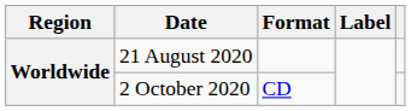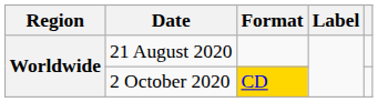 <table class="wikitable plainrowheaders">
 <tr>
 <th>Region</th>
 <th>Date</th>
 <th>Format</th>
 <th>Label</th>
 <th></th>
 </tr>
 <tr>
 <th rowspan="2" scope="row">Worldwide</th>
 <td>21 August 2020</td>
 <td></td>
 <td rowspan="2" scope="row"></td>
 <td></td>
 </tr>
 <tr>
 <td>2 October 2020</td>
-<td><a href='#'>CD</a></td>
+<td style="background: gold;"><a href='#'>CD</a></td>
 <td></td>
 </tr>
 </table>
